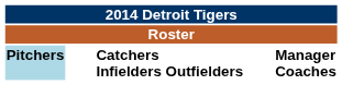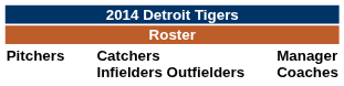 <table class="toccolours" style="font-size: 95%;">
 <tr>
 <th colspan="10" style="background-color: #003366; color: white; text-align: center;">2014 Detroit Tigers</th>
 </tr>
 <tr>
 <td colspan="10" style="background-color: #bd5d29; color: white; text-align: center;"><strong>Roster</strong></td>
 </tr>
 <tr>
-<td valign="top" style="background: lightblue;"><strong>Pitchers</strong><br>                            </td>
+<td valign="top"><strong>Pitchers</strong><br>                            </td>
 <td width="25px"></td>
 <td valign="top"><strong>Catchers</strong><br>   <strong>Infielders</strong>            <strong>Outfielders</strong>       </td>
 <td width="25px"></td>
 <td valign="top"><strong>Manager</strong><br> <strong>Coaches</strong>              </td>
 </tr>
 </table>
